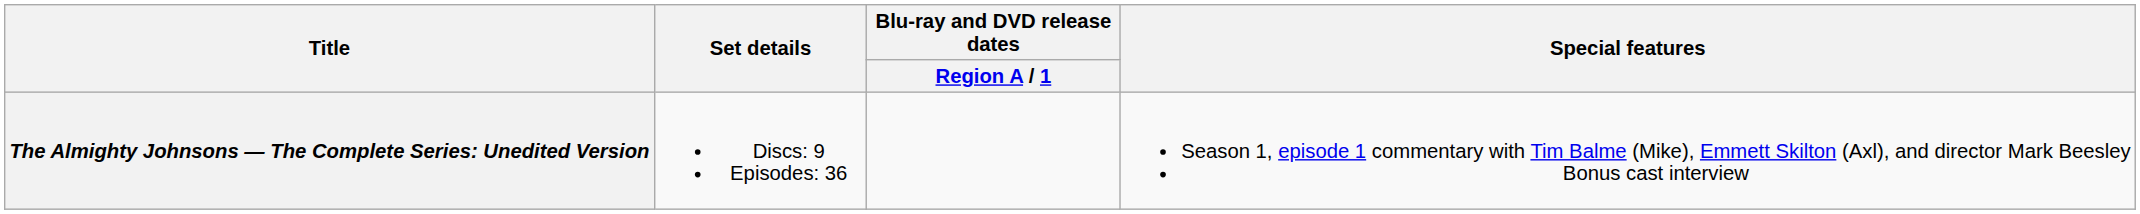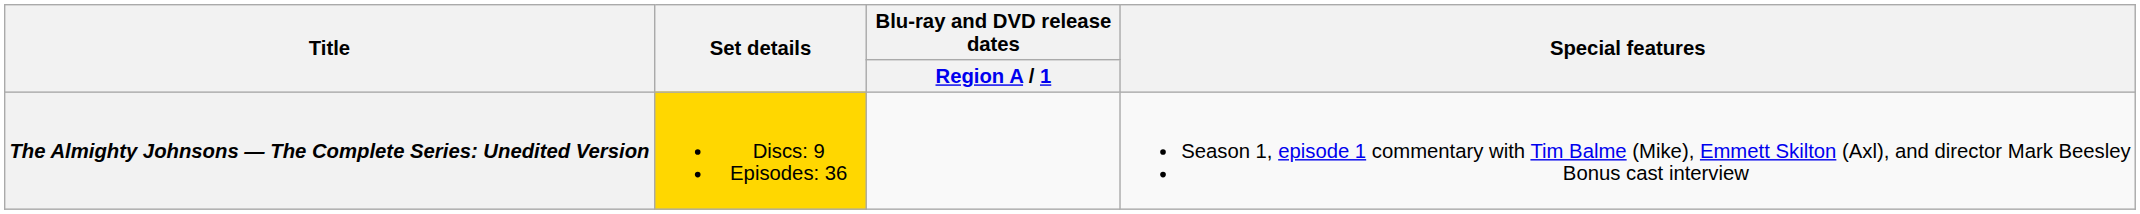 <table class="wikitable plainrowheaders" style="font-size:90%; text-align: center">
 <tr>
 <th scope="col" rowspan="2">Title</th>
 <th scope="col" rowspan="2" style="width: 10em;">Set details</th>
 <th scope="col" colspan="1">Blu-ray and DVD release dates</th>
 <th scope="col" rowspan="2">Special features</th>
 </tr>
 <tr>
 <th scope="col" style="width: 12em; font-size: 100%;"><a href='#'>Region A</a> / <a href='#'>1</a></th>
 </tr>
 <tr>
 <th scope="row"><em>The Almighty Johnsons — The Complete Series: Unedited Version</em></th>
-<td><br><ul><li>Discs: 9</li><li>Episodes: 36</li></ul></td>
+<td style="background: gold;"><br><ul><li>Discs: 9</li><li>Episodes: 36</li></ul></td>
 <td></td>
 <td><br><ul><li>Season 1, <a href='#'>episode 1</a> commentary with <a href='#'>Tim Balme</a> (Mike), <a href='#'>Emmett Skilton</a> (Axl), and director Mark Beesley</li><li>Bonus cast interview</li></ul></td>
 </tr>
 </table>
